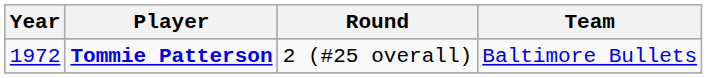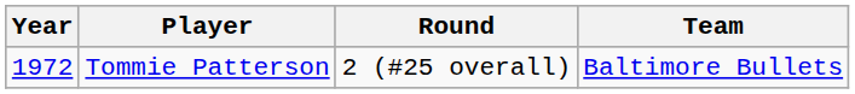 <table class="wikitable sortable">
 <tr>
 <th width=px>Year</th>
 <th width=px>Player</th>
 <th width=px>Round</th>
 <th width=px>Team</th>
 </tr>
 <tr>
 <td><a href='#'>1972</a></td>
-<td><strong><a href='#'>Tommie Patterson</a></strong></td>
+<td><a href='#'>Tommie Patterson</a></td>
 <td>2 (#25 overall)</td>
 <td><a href='#'>Baltimore Bullets</a></td>
 </tr>
 </table>
